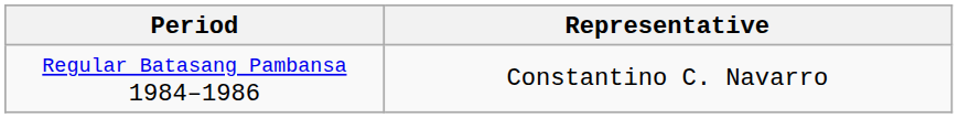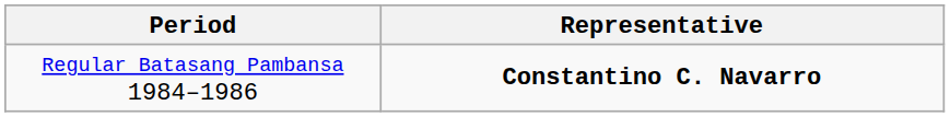 <table class="wikitable" style="text-align:center; width:40%;">
 <tr>
 <th width="40%">Period</th>
 <th>Representative</th>
 </tr>
 <tr>
 <td><small><a href='#'>Regular Batasang Pambansa</a></small><br>1984–1986</td>
-<td>Constantino C. Navarro</td>
+<td><strong>Constantino C. Navarro</strong></td>
 </tr>
 </table>
